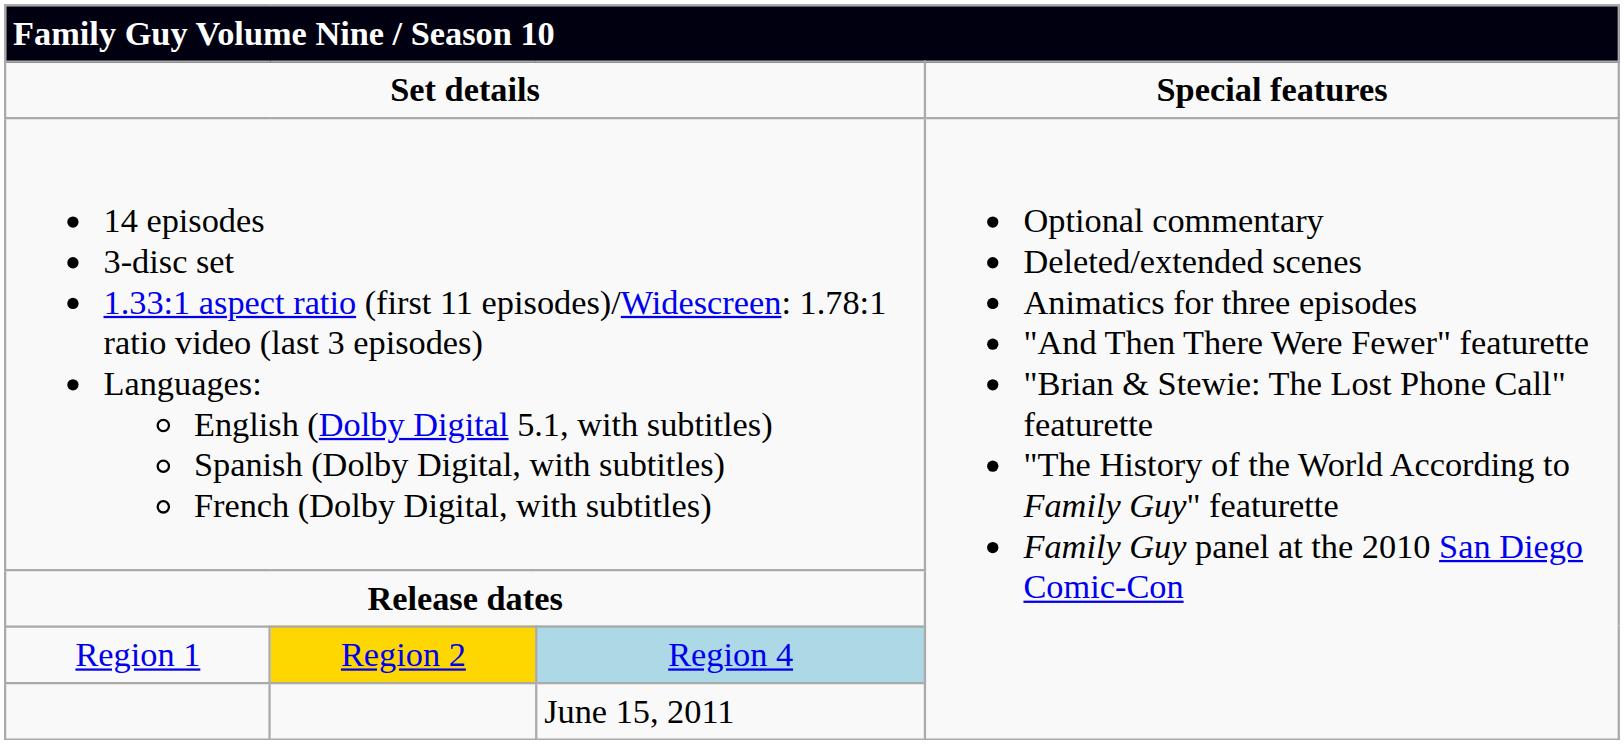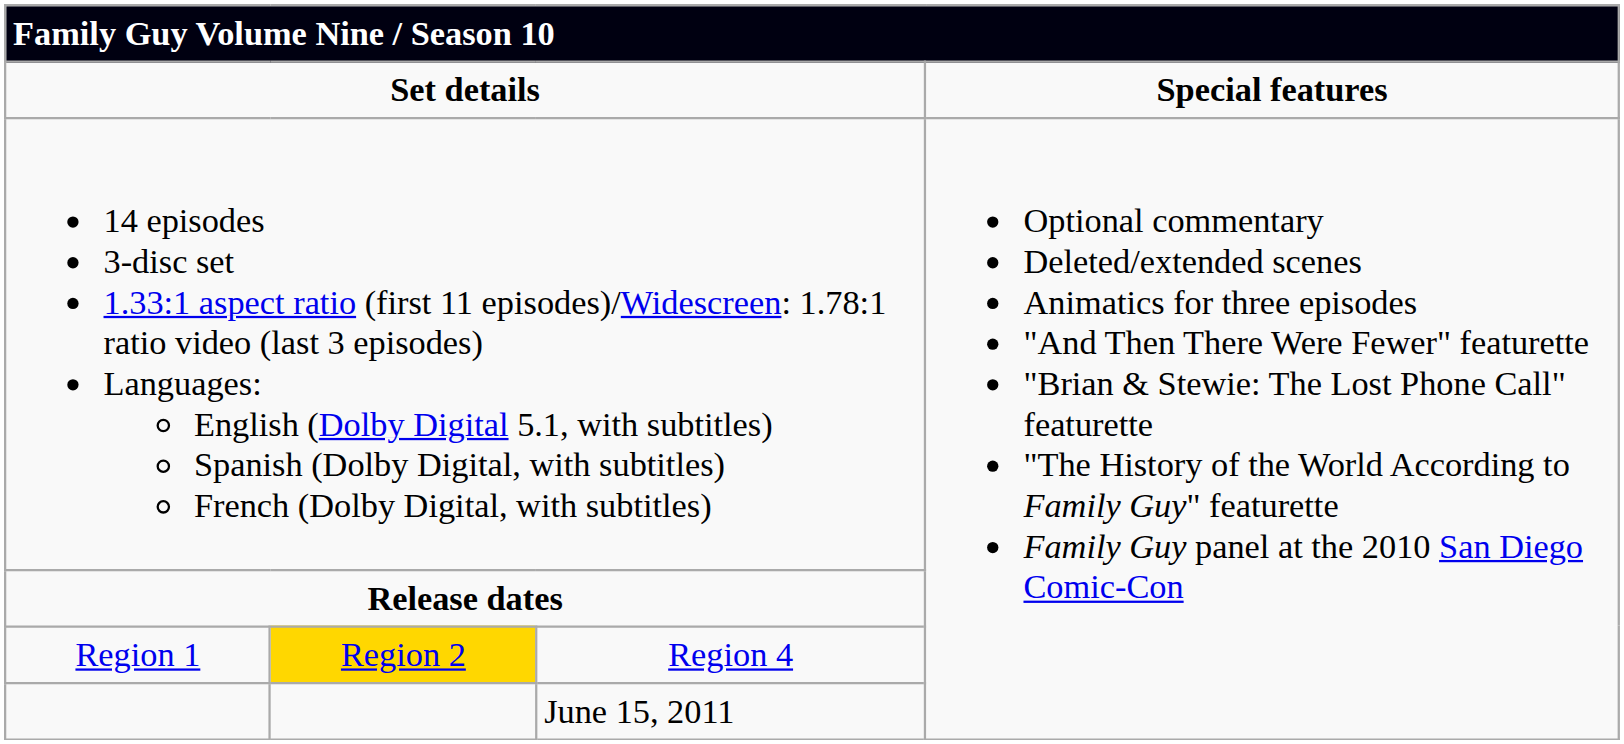 <table class="wikitable" style="font-size: 95%;">
 <tr style="color:#fff;">
 <td colspan="5" style="background:#000011;"><strong>Family Guy Volume Nine / Season 10</strong></td>
 </tr>
 <tr valign="top">
 <td style="text-align:center; width:400px;" colspan="3"><strong>Set details</strong></td>
 <td style="width:300px; text-align:center;"><strong>Special features</strong></td>
 </tr>
 <tr valign="top">
 <td colspan="3"  style="text-align:left; width:400px;"><br><ul><li>14 episodes</li><li>3-disc set</li><li><a href='#'>1.33:1 aspect ratio</a> (first 11 episodes)/<a href='#'>Widescreen</a>: 1.78:1 ratio video (last 3 episodes)</li><li>Languages:<ul><li>English (<a href='#'>Dolby Digital</a> 5.1, with subtitles)</li><li>Spanish (Dolby Digital, with subtitles)</li><li>French (Dolby Digital, with subtitles)</li></ul></li></ul></td>
 <td rowspan="4"  style="text-align:left; width:300px;"><br><ul><li>Optional commentary</li><li>Deleted/extended scenes</li><li>Animatics for three episodes</li><li>"And Then There Were Fewer" featurette</li><li>"Brian & Stewie: The Lost Phone Call" featurette</li><li>"The History of the World According to <em>Family Guy</em>" featurette</li><li><em>Family Guy</em> panel at the 2010 <a href='#'>San Diego Comic-Con</a></li></ul></td>
 </tr>
 <tr>
 <td colspan="3" style="text-align:center;"><strong>Release dates</strong></td>
 </tr>
 <tr>
 <td style="text-align:center;"><a href='#'>Region 1</a></td>
 <td style="background: gold; text-align:center;"><a href='#'>Region 2</a></td>
-<td style="background: lightblue; text-align:center;"><a href='#'>Region 4</a></td>
+<td style="text-align:center;"><a href='#'>Region 4</a></td>
 </tr>
 <tr>
 <td style="text-align:center;"></td>
 <td style="text-align:center;"></td>
 <td aligh="center">June 15, 2011</td>
 </tr>
 </table>
